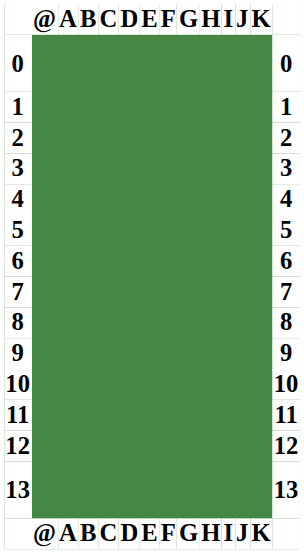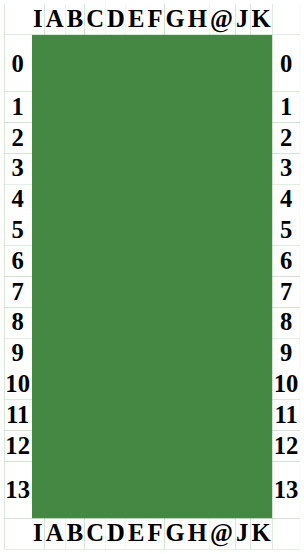 <table style="background:#484;text-align:center;float:right;border-spacing:0px;border:0px;">
 <tr style="background:#fff;">
 <th> </th>
-<th>@</th>
+<th>I</th>
 <th>A</th>
 <th>B</th>
 <th>C</th>
 <th>D</th>
 <th>E</th>
 <th>F</th>
 <th>G</th>
 <th>H</th>
-<th>I</th>
+<th>@</th>
 <th>J</th>
 <th>K</th>
 <th> </th>
 </tr>
 <tr>
 <th style="background:#fff;height:35px;">0</th>
 <td></td>
 <td></td>
 <td></td>
 <td></td>
 <td></td>
 <td></td>
 <td></td>
 <td></td>
 <td></td>
 <td></td>
 <td></td>
 <td></td>
 <th style="background:#fff;">0</th>
 </tr>
 <tr>
 <th style="background:#fff;">1</th>
 <td></td>
 <td></td>
 <td></td>
 <td></td>
 <td></td>
 <td></td>
 <td></td>
 <td></td>
 <td></td>
 <td></td>
 <td></td>
 <td></td>
 <th style="background:#fff;">1</th>
 </tr>
 <tr>
 <th style="background:#fff;">2</th>
 <td></td>
 <td></td>
 <td></td>
 <td></td>
 <td></td>
 <td></td>
 <td></td>
 <td></td>
 <td></td>
 <td></td>
 <td></td>
 <td></td>
 <th style="background:#fff;">2</th>
 </tr>
 <tr>
 <th style="background:#fff;">3</th>
 <td></td>
 <td></td>
 <td></td>
 <td></td>
 <td></td>
 <td></td>
 <td></td>
 <td></td>
 <td></td>
 <td></td>
 <td></td>
 <td></td>
 <th style="background:#fff;">3</th>
 </tr>
 <tr>
 <th style="background:#fff;">4</th>
 <td></td>
 <td></td>
 <td></td>
 <td></td>
 <td></td>
 <td></td>
 <td></td>
 <td></td>
 <td></td>
 <td></td>
 <td></td>
 <td></td>
 <th style="background:#fff;">4</th>
 </tr>
 <tr>
 <th style="background:#fff;">5</th>
 <td></td>
 <td></td>
 <td></td>
 <td></td>
 <td></td>
 <td></td>
 <td></td>
 <td></td>
 <td></td>
 <td></td>
 <td></td>
 <td></td>
 <th style="background:#fff;">5</th>
 </tr>
 <tr>
 <th style="background:#fff;">6</th>
 <td></td>
 <td></td>
 <td></td>
 <td></td>
 <td></td>
 <td></td>
 <td></td>
 <td></td>
 <td></td>
 <td></td>
 <td></td>
 <td></td>
 <th style="background:#fff;">6</th>
 </tr>
 <tr>
 <th style="background:#fff;">7</th>
 <td></td>
 <td></td>
 <td></td>
 <td></td>
 <td></td>
 <td></td>
 <td></td>
 <td></td>
 <td></td>
 <td></td>
 <td></td>
 <td></td>
 <th style="background:#fff;">7</th>
 </tr>
 <tr>
 <th style="background:#fff;">8</th>
 <td></td>
 <td></td>
 <td></td>
 <td></td>
 <td></td>
 <td></td>
 <td></td>
 <td></td>
 <td></td>
 <td></td>
 <td></td>
 <td></td>
 <th style="background:#fff;">8</th>
 </tr>
 <tr>
 <th style="background:#fff;">9</th>
 <td></td>
 <td></td>
 <td></td>
 <td></td>
 <td></td>
 <td></td>
 <td></td>
 <td></td>
 <td></td>
 <td></td>
 <td></td>
 <td></td>
 <th style="background:#fff;">9</th>
 </tr>
 <tr>
 <th style="background:#fff;">10</th>
 <td></td>
 <td></td>
 <td></td>
 <td></td>
 <td></td>
 <td></td>
 <td></td>
 <td></td>
 <td></td>
 <td></td>
 <td></td>
 <td></td>
 <th style="background:#fff;">10</th>
 </tr>
 <tr>
 <th style="background:#fff;">11</th>
 <td></td>
 <td></td>
 <td></td>
 <td></td>
 <td></td>
 <td></td>
 <td></td>
 <td></td>
 <td></td>
 <td></td>
 <td></td>
 <td></td>
 <th style="background:#fff;">11</th>
 </tr>
 <tr>
 <th style="background:#fff;">12</th>
 <td></td>
 <td></td>
 <td></td>
 <td></td>
 <td></td>
 <td></td>
 <td></td>
 <td></td>
 <td></td>
 <td></td>
 <td></td>
 <td></td>
 <th style="background:#fff;">12</th>
 </tr>
 <tr>
 <th style="background:#fff;height:35px;">13</th>
 <td></td>
 <td></td>
 <td></td>
 <td></td>
 <td></td>
 <td></td>
 <td></td>
 <td></td>
 <td></td>
 <td></td>
 <td></td>
 <td></td>
 <th style="background:#fff;">13</th>
 </tr>
 <tr style="background:#fff;">
 <th> </th>
-<th>@</th>
+<th>I</th>
 <th>A</th>
 <th>B</th>
 <th>C</th>
 <th>D</th>
 <th>E</th>
 <th>F</th>
 <th>G</th>
 <th>H</th>
-<th>I</th>
+<th>@</th>
 <th>J</th>
 <th>K</th>
 <th> </th>
 </tr>
 </table>
